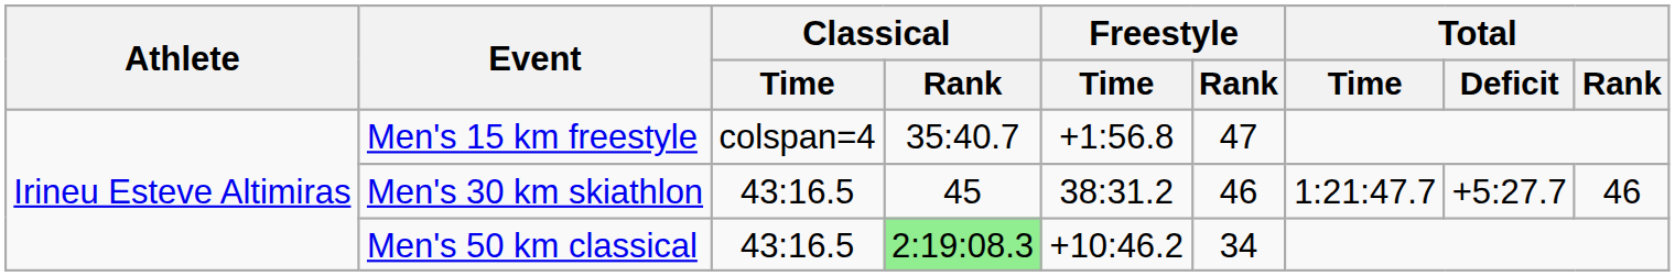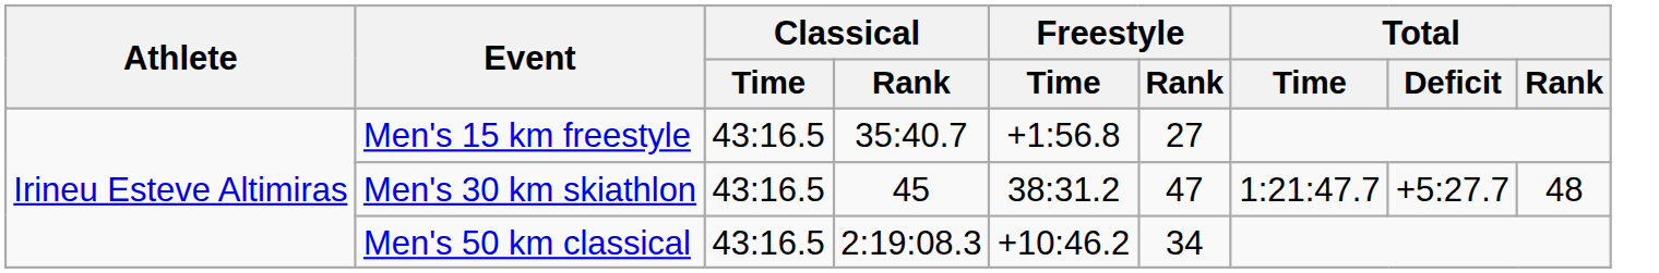 <table class="wikitable" style="font-size:90%">
 <tr>
 <th rowspan=2>Athlete</th>
 <th rowspan=2>Event</th>
 <th colspan=2>Classical</th>
 <th colspan=2>Freestyle</th>
 <th colspan=3>Total</th>
 </tr>
 <tr style="font-size:95%">
 <th>Time</th>
 <th>Rank</th>
 <th>Time</th>
 <th>Rank</th>
 <th>Time</th>
 <th>Deficit</th>
 <th>Rank</th>
 </tr>
 <tr align=center>
 <td align=left rowspan=3><a href='#'>Irineu Esteve Altimiras</a></td>
 <td align=left><a href='#'>Men's 15 km freestyle</a></td>
-<td>colspan=4 </td>
+<td>43:16.5</td>
 <td>35:40.7</td>
 <td>+1:56.8</td>
-<td>47</td>
+<td>27</td>
 </tr>
 <tr align=center>
 <td align=left><a href='#'>Men's 30 km skiathlon</a></td>
 <td>43:16.5</td>
 <td>45</td>
 <td>38:31.2</td>
-<td>46</td>
+<td>47</td>
 <td>1:21:47.7</td>
 <td>+5:27.7</td>
-<td>46</td>
+<td>48</td>
 </tr>
 <tr align=center>
 <td align=left><a href='#'>Men's 50 km classical</a></td>
 <td>43:16.5</td>
-<td style="background: lightgreen;">2:19:08.3</td>
+<td>2:19:08.3</td>
 <td>+10:46.2</td>
 <td>34</td>
 </tr>
 </table>
